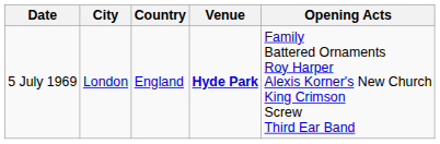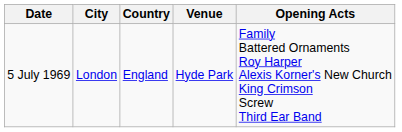 <table class="wikitable">
 <tr>
 <th>Date</th>
 <th>City</th>
 <th>Country</th>
 <th>Venue</th>
 <th>Opening Acts</th>
 </tr>
 <tr>
 <td>5 July 1969</td>
 <td><a href='#'>London</a></td>
 <td rowspan="4"><a href='#'>England</a></td>
-<td><strong><a href='#'>Hyde Park</a></strong></td>
+<td><a href='#'>Hyde Park</a></td>
 <td><a href='#'>Family</a><br>Battered Ornaments<br><a href='#'>Roy Harper</a><br><a href='#'>Alexis Korner's</a> New Church<br><a href='#'>King Crimson</a><br>Screw<br><a href='#'>Third Ear Band</a></td>
 </tr>
 </table>
